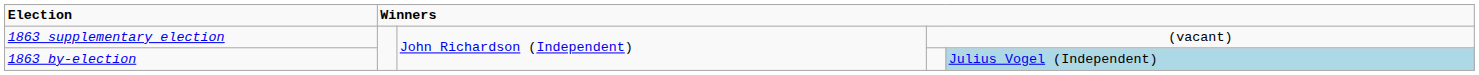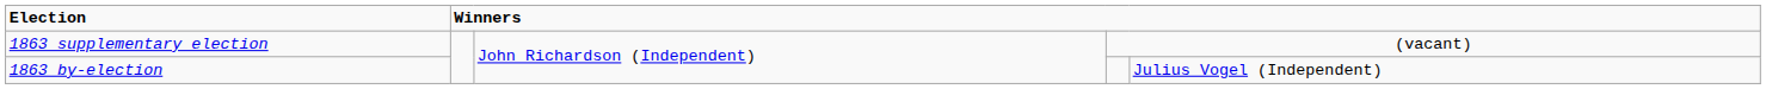 <table class="wikitable" width=72%>
 <tr>
 <td width=19%><strong>Election</strong></td>
 <td width=81% colspan=4><strong>Winners</strong></td>
 </tr>
 <tr>
 <td><span><em><a href='#'>1863 supplementary election</a></em></span></td>
 <td width=1% rowspan=2 bgcolor=></td>
 <td width=27% rowspan=2><a href='#'>John Richardson</a> (<a href='#'>Independent</a>)</td>
 <td colspan=2 align=center>(vacant)</td>
 </tr>
 <tr>
 <td><span><em><a href='#'>1863 by-election</a></em></span></td>
 <td width=1% rowspan=1 bgcolor=></td>
-<td width=27% rowspan=1 style="background: lightblue;"><a href='#'>Julius Vogel</a> (Independent)</td>
+<td width=27% rowspan=1><a href='#'>Julius Vogel</a> (Independent)</td>
 </tr>
 </table>
